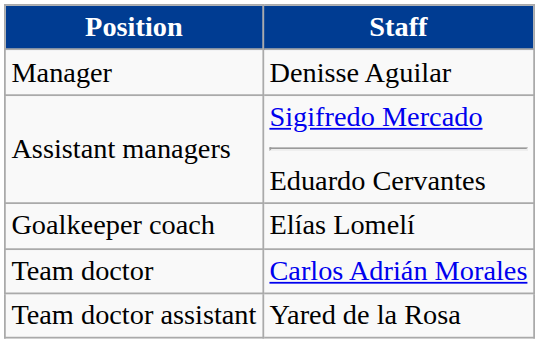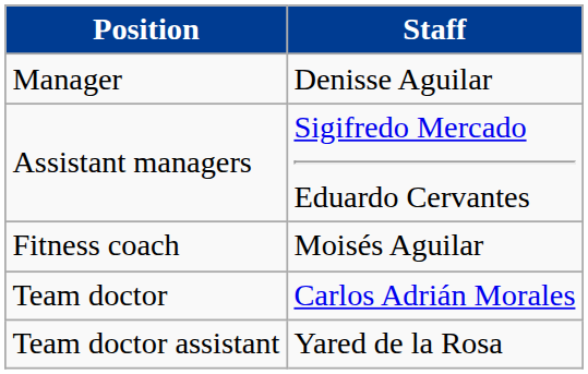 <table class="wikitable">
 <tr>
 <th style=background-color:#003C92;color:white>Position</th>
 <th style=background-color:#003C92;color:white>Staff</th>
 </tr>
 <tr>
 <td>Manager</td>
 <td> Denisse Aguilar</td>
 </tr>
 <tr>
 <td>Assistant managers</td>
 <td> <a href='#'>Sigifredo Mercado</a><hr> Eduardo Cervantes</td>
 </tr>
 <tr>
-<td>Goalkeeper coach</td>
-<td> Elías Lomelí</td>
+<td>Fitness coach</td>
+<td> Moisés Aguilar</td>
 </tr>
 <tr>
 <td>Team doctor</td>
 <td> <a href='#'>Carlos Adrián Morales</a></td>
 </tr>
 <tr>
 <td>Team doctor assistant</td>
 <td> Yared de la Rosa</td>
 </tr>
 </table>
